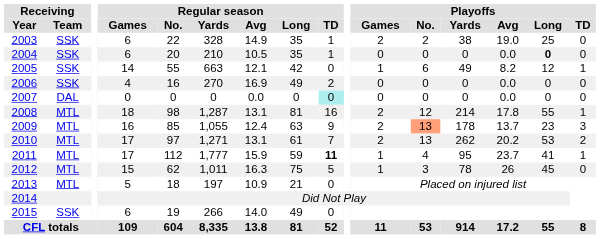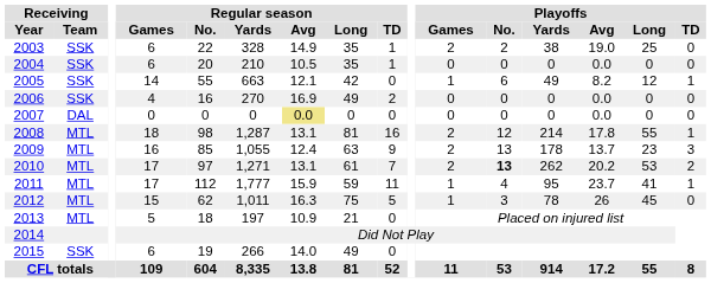 <table BORDER="0" CELLPADDING="1" CELLSPACING="0" width="65%" style="text-align:center">
 <tr bgcolor="#e0e0e0">
 <th colspan="2">Receiving</th>
 <th rowspan="99" bgcolor="#ffffff"> </th>
 <th colspan="6">Regular season</th>
 <th rowspan="99" bgcolor="#ffffff"> </th>
 <th colspan="6">Playoffs</th>
 </tr>
 <tr bgcolor="#e0e0e0">
 <th>Year</th>
 <th>Team</th>
 <th>Games</th>
 <th>No.</th>
 <th>Yards</th>
 <th>Avg</th>
 <th>Long</th>
 <th>TD</th>
 <th>Games</th>
 <th>No.</th>
 <th>Yards</th>
 <th>Avg</th>
 <th>Long</th>
 <th>TD</th>
 </tr>
 <tr ALIGN="center">
 <td><a href='#'>2003</a></td>
 <td><a href='#'>SSK</a></td>
 <td>6</td>
 <td>22</td>
 <td>328</td>
 <td>14.9</td>
 <td>35</td>
 <td>1</td>
 <td>2</td>
 <td>2</td>
 <td>38</td>
 <td>19.0</td>
 <td>25</td>
 <td>0</td>
 </tr>
 <tr ALIGN="center" bgcolor="#f0f0f0">
 <td><a href='#'>2004</a></td>
 <td><a href='#'>SSK</a></td>
 <td>6</td>
 <td>20</td>
 <td>210</td>
 <td>10.5</td>
 <td>35</td>
 <td>1</td>
 <td>0</td>
 <td>0</td>
 <td>0</td>
 <td>0.0</td>
-<td><strong>0</strong></td>
+<td>0</td>
 <td>0</td>
 </tr>
 <tr ALIGN="center">
 <td><a href='#'>2005</a></td>
 <td><a href='#'>SSK</a></td>
 <td>14</td>
 <td>55</td>
 <td>663</td>
 <td>12.1</td>
 <td>42</td>
 <td>0</td>
 <td>1</td>
 <td>6</td>
 <td>49</td>
 <td>8.2</td>
 <td>12</td>
 <td>1</td>
 </tr>
 <tr ALIGN="center" bgcolor="#f0f0f0">
 <td><a href='#'>2006</a></td>
 <td><a href='#'>SSK</a></td>
 <td>4</td>
 <td>16</td>
 <td>270</td>
 <td>16.9</td>
 <td>49</td>
 <td>2</td>
 <td>0</td>
 <td>0</td>
 <td>0</td>
 <td>0.0</td>
 <td>0</td>
 <td>0</td>
 </tr>
 <tr ALIGN="center">
 <td><a href='#'>2007</a></td>
 <td><a href='#'>DAL</a></td>
 <td>0</td>
 <td>0</td>
 <td>0</td>
-<td>0.0</td>
+<td style="background: khaki;">0.0</td>
 <td>0</td>
-<td style="background: paleturquoise;">0</td>
+<td>0</td>
 <td>0</td>
 <td>0</td>
 <td>0</td>
 <td>0.0</td>
 <td>0</td>
 <td>0</td>
 </tr>
 <tr ALIGN="center" bgcolor="#f0f0f0">
 <td><a href='#'>2008</a></td>
 <td><a href='#'>MTL</a></td>
 <td>18</td>
 <td>98</td>
 <td>1,287</td>
 <td>13.1</td>
 <td>81</td>
 <td>16</td>
 <td>2</td>
 <td>12</td>
 <td>214</td>
 <td>17.8</td>
 <td>55</td>
 <td>1</td>
 </tr>
 <tr ALIGN="center">
 <td><a href='#'>2009</a></td>
 <td><a href='#'>MTL</a></td>
 <td>16</td>
 <td>85</td>
 <td>1,055</td>
 <td>12.4</td>
 <td>63</td>
 <td>9</td>
 <td>2</td>
-<td style="background: lightsalmon;">13</td>
+<td>13</td>
 <td>178</td>
 <td>13.7</td>
 <td>23</td>
 <td>3</td>
 </tr>
 <tr ALIGN="center" bgcolor="#f0f0f0">
 <td><a href='#'>2010</a></td>
 <td><a href='#'>MTL</a></td>
 <td>17</td>
 <td>97</td>
 <td>1,271</td>
 <td>13.1</td>
 <td>61</td>
 <td>7</td>
 <td>2</td>
-<td>13</td>
+<td><strong>13</strong></td>
 <td>262</td>
 <td>20.2</td>
 <td>53</td>
 <td>2</td>
 </tr>
 <tr ALIGN="center">
 <td><a href='#'>2011</a></td>
 <td><a href='#'>MTL</a></td>
 <td>17</td>
 <td>112</td>
 <td>1,777</td>
 <td>15.9</td>
 <td>59</td>
-<td><strong>11</strong></td>
+<td>11</td>
 <td>1</td>
 <td>4</td>
 <td>95</td>
 <td>23.7</td>
 <td>41</td>
 <td>1</td>
 </tr>
 <tr ALIGN="center" bgcolor="#f0f0f0">
 <td><a href='#'>2012</a></td>
 <td><a href='#'>MTL</a></td>
 <td>15</td>
 <td>62</td>
 <td>1,011</td>
 <td>16.3</td>
 <td>75</td>
 <td>5</td>
 <td>1</td>
 <td>3</td>
 <td>78</td>
 <td>26</td>
 <td>45</td>
 <td>0</td>
 </tr>
 <tr ALIGN="center">
 <td><a href='#'>2013</a></td>
 <td><a href='#'>MTL</a></td>
 <td>5</td>
 <td>18</td>
 <td>197</td>
 <td>10.9</td>
 <td>21</td>
 <td>0</td>
 <td colspan="6"><em>Placed on injured list</em></td>
 </tr>
 <tr ALIGN="center" bgcolor="#f0f0f0">
 <td><a href='#'>2014</a></td>
 <td></td>
 <td colspan="12"><em>Did Not Play</em></td>
 </tr>
 <tr ALIGN="center">
 <td><a href='#'>2015</a></td>
 <td><a href='#'>SSK</a></td>
 <td>6</td>
 <td>19</td>
 <td>266</td>
 <td>14.0</td>
 <td>49</td>
 <td>0</td>
 <td></td>
 <td></td>
 <td></td>
 <td></td>
 <td></td>
 <td></td>
 </tr>
 <tr bgcolor="#e0e0e0">
 <th colspan="3"><a href='#'>CFL</a> totals</th>
 <th>109</th>
 <th>604</th>
 <th>8,335</th>
 <th>13.8</th>
 <th>81</th>
 <th>52</th>
 <th>11</th>
 <th>53</th>
 <th>914</th>
 <th>17.2</th>
 <th>55</th>
 <th>8</th>
 </tr>
 </table>
